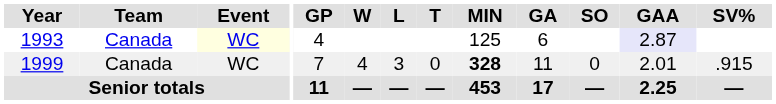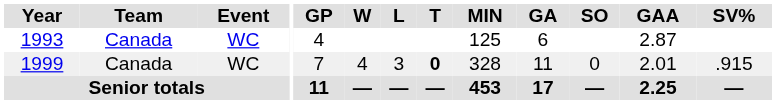 <table border="0" cellpadding="1" cellspacing="0" ID="Table3" style="text-align:center; width:40em">
 <tr ALIGN="center" bgcolor="#e0e0e0">
 <th>Year</th>
 <th>Team</th>
 <th>Event</th>
 <th rowspan="99" bgcolor="#ffffff"></th>
 <th>GP</th>
 <th>W</th>
 <th>L</th>
 <th>T</th>
 <th>MIN</th>
 <th>GA</th>
 <th>SO</th>
 <th>GAA</th>
 <th>SV%</th>
 </tr>
 <tr>
 <td><a href='#'>1993</a></td>
 <td><a href='#'>Canada</a></td>
-<td style="background: lightyellow;"><a href='#'>WC</a></td>
+<td><a href='#'>WC</a></td>
 <td>4</td>
 <td></td>
 <td></td>
 <td></td>
 <td>125</td>
 <td>6</td>
 <td></td>
-<td style="background: lavender;">2.87</td>
+<td>2.87</td>
 <td></td>
 </tr>
 <tr bgcolor="#f0f0f0">
 <td><a href='#'>1999</a></td>
 <td>Canada</td>
 <td>WC</td>
 <td>7</td>
 <td>4</td>
 <td>3</td>
-<td>0</td>
-<td><strong>328</strong></td>
+<td><strong>0</strong></td>
+<td>328</td>
 <td>11</td>
 <td>0</td>
 <td>2.01</td>
 <td>.915</td>
 </tr>
 <tr bgcolor="#e0e0e0">
 <th colspan=3>Senior totals</th>
 <th>11</th>
 <th>—</th>
 <th>—</th>
 <th>—</th>
 <th>453</th>
 <th>17</th>
 <th>—</th>
 <th>2.25</th>
 <th>—</th>
 </tr>
 </table>
